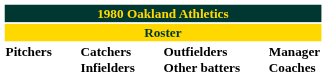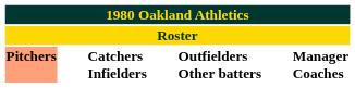 <table class="toccolours" style="font-size: 95%;">
 <tr>
 <th colspan="10" style="background-color: #003831; color: #FFD800; text-align: center;">1980 Oakland Athletics</th>
 </tr>
 <tr>
 <td colspan="10" style="background-color: #FFD800; color: #003831; text-align: center;"><strong>Roster</strong></td>
 </tr>
 <tr>
-<td valign="top"><strong>Pitchers</strong><br>              </td>
+<td valign="top" style="background: lightsalmon;"><strong>Pitchers</strong><br>              </td>
 <td width="25px"></td>
 <td valign="top"><strong>Catchers</strong><br>  <strong>Infielders</strong>          </td>
 <td width="25px"></td>
 <td valign="top"><strong>Outfielders</strong><br>    <strong>Other batters</strong>   </td>
 <td width="25px"></td>
 <td valign="top"><strong>Manager</strong><br> <strong>Coaches</strong>    </td>
 </tr>
 </table>
